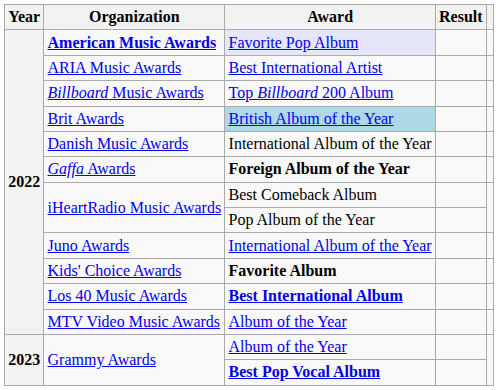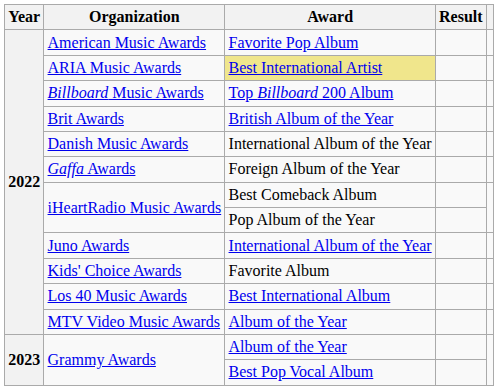 <table class="wikitable sortable plainrowheaders" style="border:none; margin:0;">
 <tr>
 <th scope="col">Year</th>
 <th scope="col">Organization</th>
 <th scope="col">Award</th>
 <th scope="col">Result</th>
 <th scope="col" class="unsortable"></th>
 </tr>
 <tr>
 <th scope="row" rowspan="12">2022</th>
-<td><strong><a href='#'>American Music Awards</a></strong></td>
-<td style="background: lavender;"><a href='#'>Favorite Pop Album</a></td>
+<td><a href='#'>American Music Awards</a></td>
+<td><a href='#'>Favorite Pop Album</a></td>
 <td></td>
 <td></td>
 </tr>
 <tr>
 <td><a href='#'>ARIA Music Awards</a></td>
-<td><a href='#'>Best International Artist</a></td>
+<td style="background: khaki;"><a href='#'>Best International Artist</a></td>
 <td></td>
 <td></td>
 </tr>
 <tr>
 <td><a href='#'><em>Billboard</em> Music Awards</a></td>
 <td><a href='#'>Top <em>Billboard</em> 200 Album</a></td>
 <td></td>
 <td></td>
 </tr>
 <tr>
 <td><a href='#'>Brit Awards</a></td>
-<td style="background: lightblue;"><a href='#'>British Album of the Year</a></td>
+<td><a href='#'>British Album of the Year</a></td>
 <td></td>
 <td></td>
 </tr>
 <tr>
 <td><a href='#'>Danish Music Awards</a></td>
 <td>International Album of the Year</td>
 <td></td>
 <td></td>
 </tr>
 <tr>
 <td><a href='#'><em>Gaffa</em> Awards</a></td>
-<td><strong>Foreign Album of the Year</strong></td>
+<td>Foreign Album of the Year</td>
 <td></td>
 <td></td>
 </tr>
 <tr>
 <td rowspan="2"><a href='#'>iHeartRadio Music Awards</a></td>
 <td>Best Comeback Album</td>
 <td></td>
 <td rowspan="2"></td>
 </tr>
 <tr>
 <td>Pop Album of the Year</td>
 <td></td>
 </tr>
 <tr>
 <td><a href='#'>Juno Awards</a></td>
 <td><a href='#'>International Album of the Year</a></td>
 <td></td>
 <td></td>
 </tr>
 <tr>
 <td><a href='#'>Kids' Choice Awards</a></td>
-<td><strong>Favorite Album</strong></td>
+<td>Favorite Album</td>
 <td></td>
 <td></td>
 </tr>
 <tr>
 <td><a href='#'>Los 40 Music Awards</a></td>
-<td><strong><a href='#'>Best International Album</a></strong></td>
+<td><a href='#'>Best International Album</a></td>
 <td></td>
 <td></td>
 </tr>
 <tr>
 <td><a href='#'>MTV Video Music Awards</a></td>
 <td><a href='#'>Album of the Year</a></td>
 <td></td>
 <td></td>
 </tr>
 <tr>
 <th scope="row" rowspan="2">2023</th>
 <td rowspan="2"><a href='#'>Grammy Awards</a></td>
 <td><a href='#'>Album of the Year</a></td>
 <td></td>
 <td rowspan="2"></td>
 </tr>
 <tr>
-<td><strong><a href='#'>Best Pop Vocal Album</a></strong></td>
+<td><a href='#'>Best Pop Vocal Album</a></td>
 <td></td>
 </tr>
 </table>
